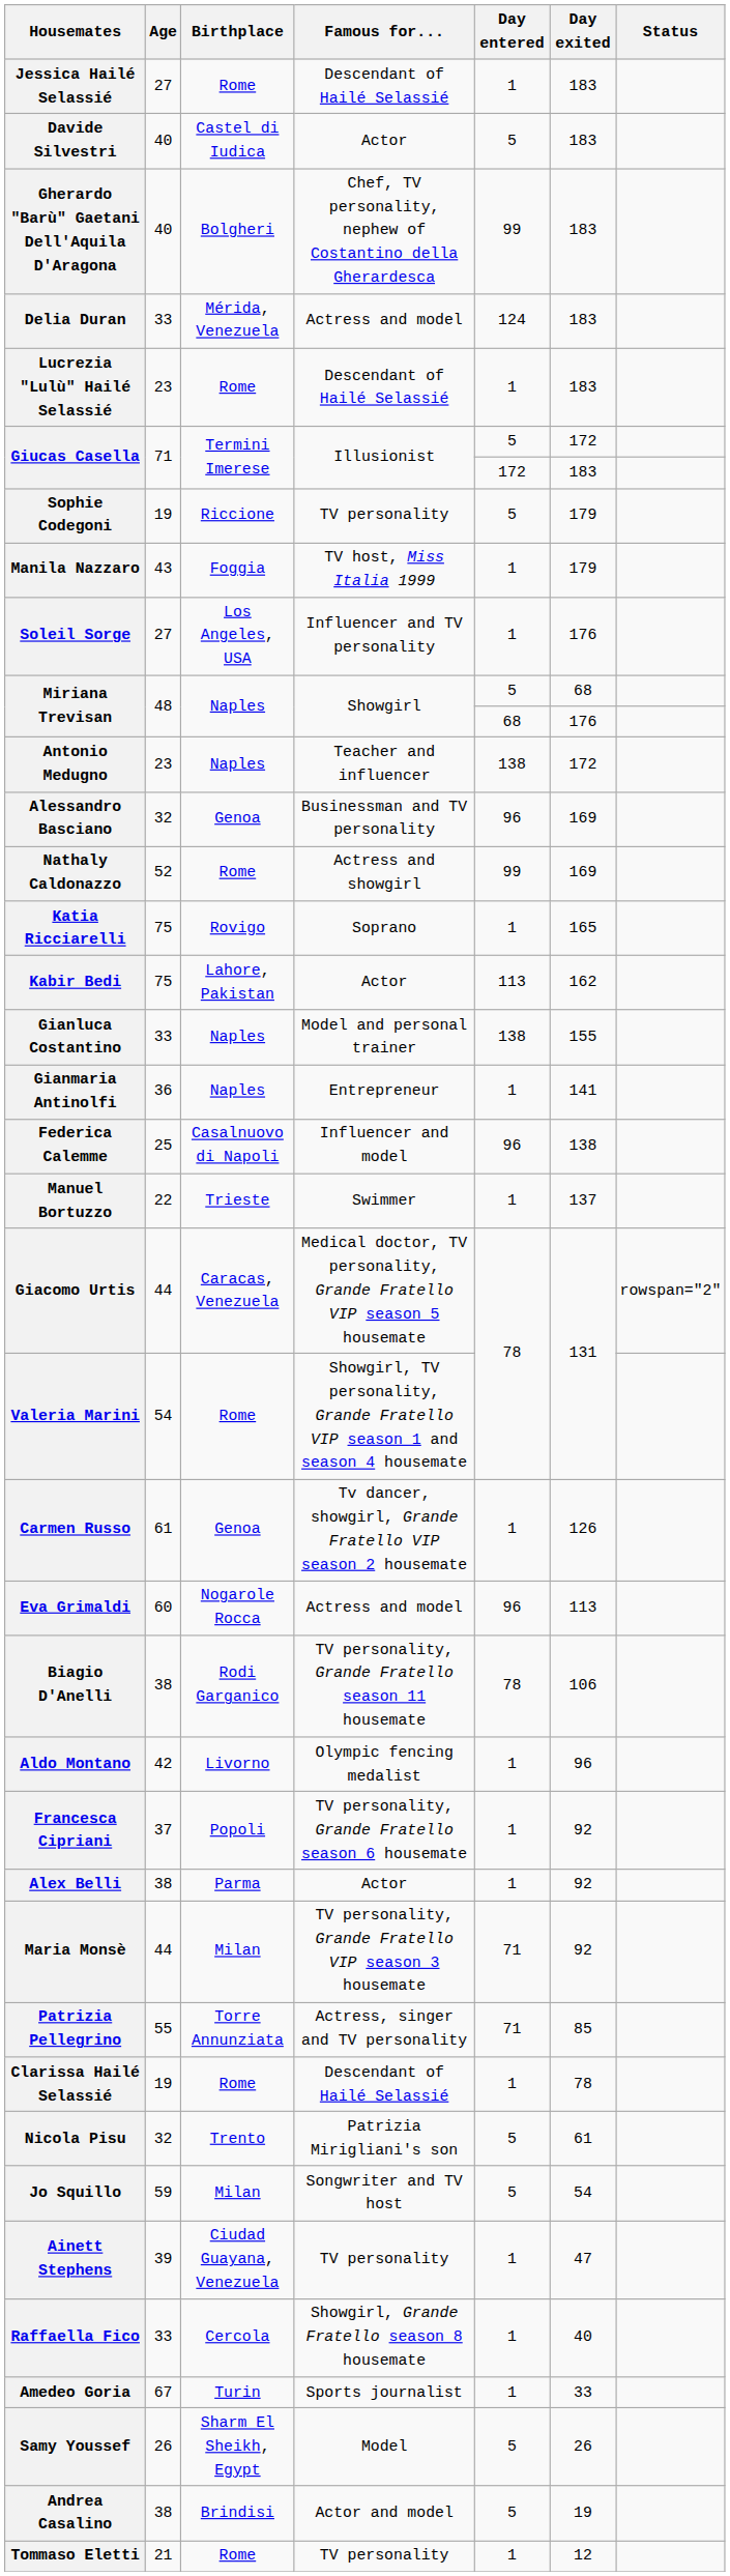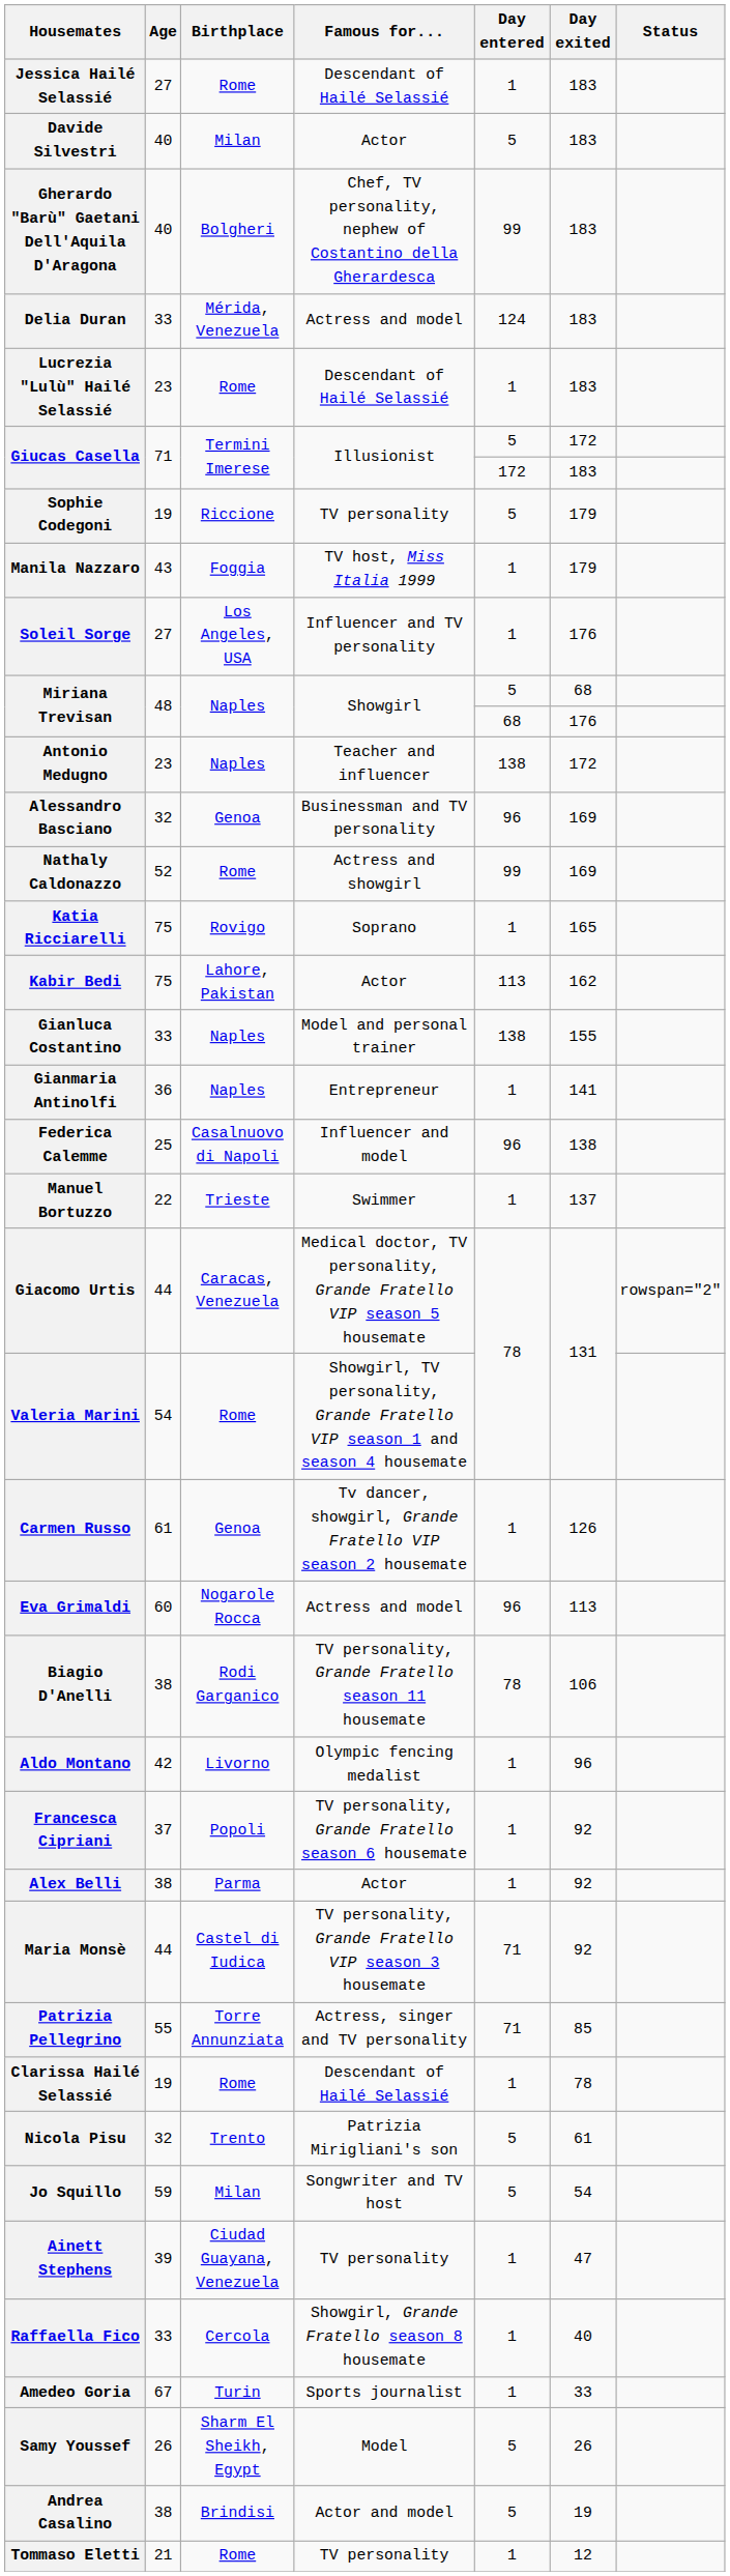 <table class="wikitable sortable" style="text-align:center; line-height:20px; width:auto;">
 <tr>
 <th>Housemates</th>
 <th>Age</th>
 <th>Birthplace</th>
 <th>Famous for...</th>
 <th>Day entered</th>
 <th>Day exited</th>
 <th>Status</th>
 </tr>
 <tr>
 <th>Jessica Hailé Selassié</th>
 <td>27</td>
 <td><a href='#'>Rome</a></td>
 <td>Descendant of <a href='#'>Hailé Selassié</a></td>
 <td>1</td>
 <td>183</td>
 <td></td>
 </tr>
 <tr>
 <th>Davide Silvestri</th>
 <td>40</td>
-<td><a href='#'>Castel di Iudica</a></td>
+<td><a href='#'>Milan</a></td>
 <td>Actor</td>
 <td>5</td>
 <td>183</td>
 <td></td>
 </tr>
 <tr>
 <th>Gherardo "Barù" Gaetani Dell'Aquila D'Aragona</th>
 <td>40</td>
 <td><a href='#'>Bolgheri</a></td>
 <td>Chef, TV personality, nephew of <a href='#'>Costantino della Gherardesca</a></td>
 <td>99</td>
 <td>183</td>
 <td></td>
 </tr>
 <tr>
 <th>Delia Duran</th>
 <td>33</td>
 <td><a href='#'>Mérida</a>, <a href='#'>Venezuela</a></td>
 <td>Actress and model</td>
 <td>124</td>
 <td>183</td>
 <td></td>
 </tr>
 <tr>
 <th>Lucrezia "Lulù" Hailé Selassié</th>
 <td>23</td>
 <td><a href='#'>Rome</a></td>
 <td>Descendant of <a href='#'>Hailé Selassié</a></td>
 <td>1</td>
 <td>183</td>
 <td></td>
 </tr>
 <tr>
 <th rowspan="2"><a href='#'>Giucas Casella</a></th>
 <td rowspan="2">71</td>
 <td rowspan="2"><a href='#'>Termini Imerese</a></td>
 <td rowspan="2">Illusionist</td>
 <td>5</td>
 <td>172</td>
 <td></td>
 </tr>
 <tr>
 <td>172</td>
 <td>183</td>
 <td></td>
 </tr>
 <tr>
 <th>Sophie Codegoni</th>
 <td>19</td>
 <td><a href='#'>Riccione</a></td>
 <td>TV personality</td>
 <td>5</td>
 <td>179</td>
 <td></td>
 </tr>
 <tr>
 <th>Manila Nazzaro</th>
 <td>43</td>
 <td><a href='#'>Foggia</a></td>
 <td>TV host, <em><a href='#'>Miss Italia</a> 1999</em></td>
 <td>1</td>
 <td>179</td>
 <td></td>
 </tr>
 <tr>
 <th><a href='#'>Soleil Sorge</a></th>
 <td>27</td>
 <td><a href='#'>Los Angeles</a>, <a href='#'>USA</a></td>
 <td>Influencer and TV personality</td>
 <td>1</td>
 <td>176</td>
 <td></td>
 </tr>
 <tr>
 <th rowspan="2">Miriana Trevisan</th>
 <td rowspan="2">48</td>
 <td rowspan="2"><a href='#'>Naples</a></td>
 <td rowspan="2">Showgirl</td>
 <td>5</td>
 <td>68</td>
 <td></td>
 </tr>
 <tr>
 <td>68</td>
 <td>176</td>
 <td></td>
 </tr>
 <tr>
 <th>Antonio Medugno</th>
 <td>23</td>
 <td><a href='#'>Naples</a></td>
 <td>Teacher and influencer</td>
 <td>138</td>
 <td>172</td>
 <td></td>
 </tr>
 <tr>
 <th>Alessandro Basciano</th>
 <td>32</td>
 <td><a href='#'>Genoa</a></td>
 <td>Businessman and TV personality</td>
 <td>96</td>
 <td>169</td>
 <td></td>
 </tr>
 <tr>
 <th>Nathaly Caldonazzo</th>
 <td>52</td>
 <td><a href='#'>Rome</a></td>
 <td>Actress and showgirl</td>
 <td>99</td>
 <td>169</td>
 <td></td>
 </tr>
 <tr>
 <th><a href='#'>Katia Ricciarelli</a></th>
 <td>75</td>
 <td><a href='#'>Rovigo</a></td>
 <td>Soprano</td>
 <td>1</td>
 <td>165</td>
 <td></td>
 </tr>
 <tr>
 <th><a href='#'>Kabir Bedi</a></th>
 <td>75</td>
 <td><a href='#'>Lahore</a>, <a href='#'>Pakistan</a></td>
 <td>Actor</td>
 <td>113</td>
 <td>162</td>
 <td></td>
 </tr>
 <tr>
 <th>Gianluca Costantino</th>
 <td>33</td>
 <td><a href='#'>Naples</a></td>
 <td>Model and personal trainer</td>
 <td>138</td>
 <td>155</td>
 <td></td>
 </tr>
 <tr>
 <th>Gianmaria Antinolfi</th>
 <td>36</td>
 <td><a href='#'>Naples</a></td>
 <td>Entrepreneur</td>
 <td>1</td>
 <td>141</td>
 <td></td>
 </tr>
 <tr>
 <th>Federica Calemme</th>
 <td>25</td>
 <td><a href='#'>Casalnuovo di Napoli</a></td>
 <td>Influencer and model</td>
 <td>96</td>
 <td>138</td>
 <td></td>
 </tr>
 <tr>
 <th>Manuel Bortuzzo</th>
 <td>22</td>
 <td><a href='#'>Trieste</a></td>
 <td>Swimmer</td>
 <td>1</td>
 <td>137</td>
 <td></td>
 </tr>
 <tr>
 <th>Giacomo Urtis</th>
 <td>44</td>
 <td><a href='#'>Caracas</a>, <a href='#'>Venezuela</a></td>
 <td>Medical doctor, TV personality, <em>Grande Fratello VIP</em> <a href='#'>season 5</a> housemate</td>
 <td rowspan="2">78</td>
 <td rowspan="2">131</td>
 <td>rowspan="2" </td>
 </tr>
 <tr>
 <th><a href='#'>Valeria Marini</a></th>
 <td>54</td>
 <td><a href='#'>Rome</a></td>
 <td>Showgirl, TV personality, <em>Grande Fratello VIP</em> <a href='#'>season 1</a> and <a href='#'>season 4</a> housemate</td>
 </tr>
 <tr>
 <th><a href='#'>Carmen Russo</a></th>
 <td>61</td>
 <td><a href='#'>Genoa</a></td>
 <td>Tv dancer, showgirl, <em>Grande Fratello VIP</em> <a href='#'>season 2</a> housemate</td>
 <td>1</td>
 <td>126</td>
 <td></td>
 </tr>
 <tr>
 <th><a href='#'>Eva Grimaldi</a></th>
 <td>60</td>
 <td><a href='#'>Nogarole Rocca</a></td>
 <td>Actress and model</td>
 <td>96</td>
 <td>113</td>
 <td></td>
 </tr>
 <tr>
 <th>Biagio D'Anelli</th>
 <td>38</td>
 <td><a href='#'>Rodi Garganico</a></td>
 <td>TV personality, <em>Grande Fratello</em> <a href='#'>season 11</a> housemate</td>
 <td>78</td>
 <td>106</td>
 <td></td>
 </tr>
 <tr>
 <th><a href='#'>Aldo Montano</a></th>
 <td>42</td>
 <td><a href='#'>Livorno</a></td>
 <td>Olympic fencing medalist</td>
 <td>1</td>
 <td>96</td>
 <td></td>
 </tr>
 <tr>
 <th><a href='#'>Francesca Cipriani</a></th>
 <td>37</td>
 <td><a href='#'>Popoli</a></td>
 <td>TV personality, <em>Grande Fratello</em> <a href='#'>season 6</a> housemate</td>
 <td>1</td>
 <td>92</td>
 <td></td>
 </tr>
 <tr>
 <th><a href='#'>Alex Belli</a></th>
 <td>38</td>
 <td><a href='#'>Parma</a></td>
 <td>Actor</td>
 <td>1</td>
 <td>92</td>
 <td></td>
 </tr>
 <tr>
 <th>Maria Monsè</th>
 <td>44</td>
-<td><a href='#'>Milan</a></td>
+<td><a href='#'>Castel di Iudica</a></td>
 <td>TV personality, <em>Grande Fratello VIP</em> <a href='#'>season 3</a> housemate</td>
 <td>71</td>
 <td>92</td>
 <td></td>
 </tr>
 <tr>
 <th><a href='#'>Patrizia Pellegrino</a></th>
 <td>55</td>
 <td><a href='#'>Torre Annunziata</a></td>
 <td>Actress, singer and TV personality</td>
 <td>71</td>
 <td>85</td>
 <td></td>
 </tr>
 <tr>
 <th>Clarissa Hailé Selassié</th>
 <td>19</td>
 <td><a href='#'>Rome</a></td>
 <td>Descendant of <a href='#'>Hailé Selassié</a></td>
 <td>1</td>
 <td>78</td>
 <td></td>
 </tr>
 <tr>
 <th>Nicola Pisu</th>
 <td>32</td>
 <td><a href='#'>Trento</a></td>
 <td>Patrizia Mirigliani's son</td>
 <td>5</td>
 <td>61</td>
 <td></td>
 </tr>
 <tr>
 <th>Jo Squillo</th>
 <td>59</td>
 <td><a href='#'>Milan</a></td>
 <td>Songwriter and TV host</td>
 <td>5</td>
 <td>54</td>
 <td></td>
 </tr>
 <tr>
 <th><a href='#'>Ainett Stephens</a></th>
 <td>39</td>
 <td><a href='#'>Ciudad Guayana</a>, <a href='#'>Venezuela</a></td>
 <td>TV personality</td>
 <td>1</td>
 <td>47</td>
 <td></td>
 </tr>
 <tr>
 <th><a href='#'>Raffaella Fico</a></th>
 <td>33</td>
 <td><a href='#'>Cercola</a></td>
 <td>Showgirl, <em>Grande Fratello</em> <a href='#'>season 8</a> housemate</td>
 <td>1</td>
 <td>40</td>
 <td></td>
 </tr>
 <tr>
 <th>Amedeo Goria</th>
 <td>67</td>
 <td><a href='#'>Turin</a></td>
 <td>Sports journalist</td>
 <td>1</td>
 <td>33</td>
 <td></td>
 </tr>
 <tr>
 <th>Samy Youssef</th>
 <td>26</td>
 <td><a href='#'>Sharm El Sheikh</a>, <a href='#'>Egypt</a></td>
 <td>Model</td>
 <td>5</td>
 <td>26</td>
 <td></td>
 </tr>
 <tr>
 <th>Andrea Casalino</th>
 <td>38</td>
 <td><a href='#'>Brindisi</a></td>
 <td>Actor and model</td>
 <td>5</td>
 <td>19</td>
 <td></td>
 </tr>
 <tr>
 <th>Tommaso Eletti</th>
 <td>21</td>
 <td><a href='#'>Rome</a></td>
 <td>TV personality</td>
 <td>1</td>
 <td>12</td>
 <td></td>
 </tr>
 </table>
